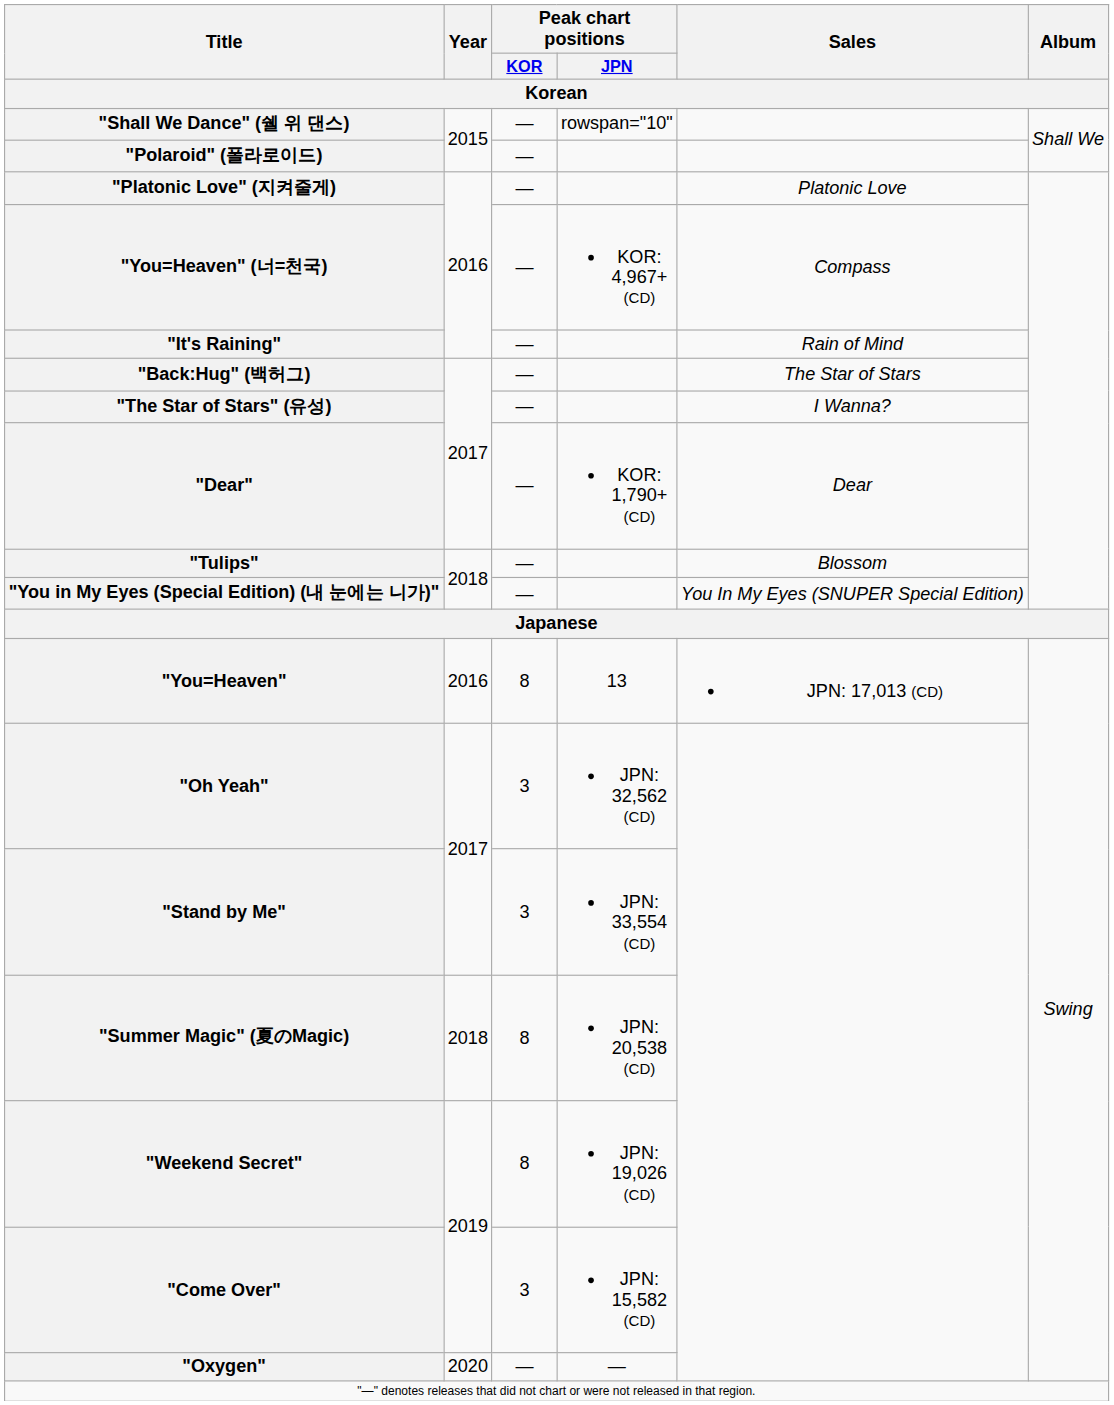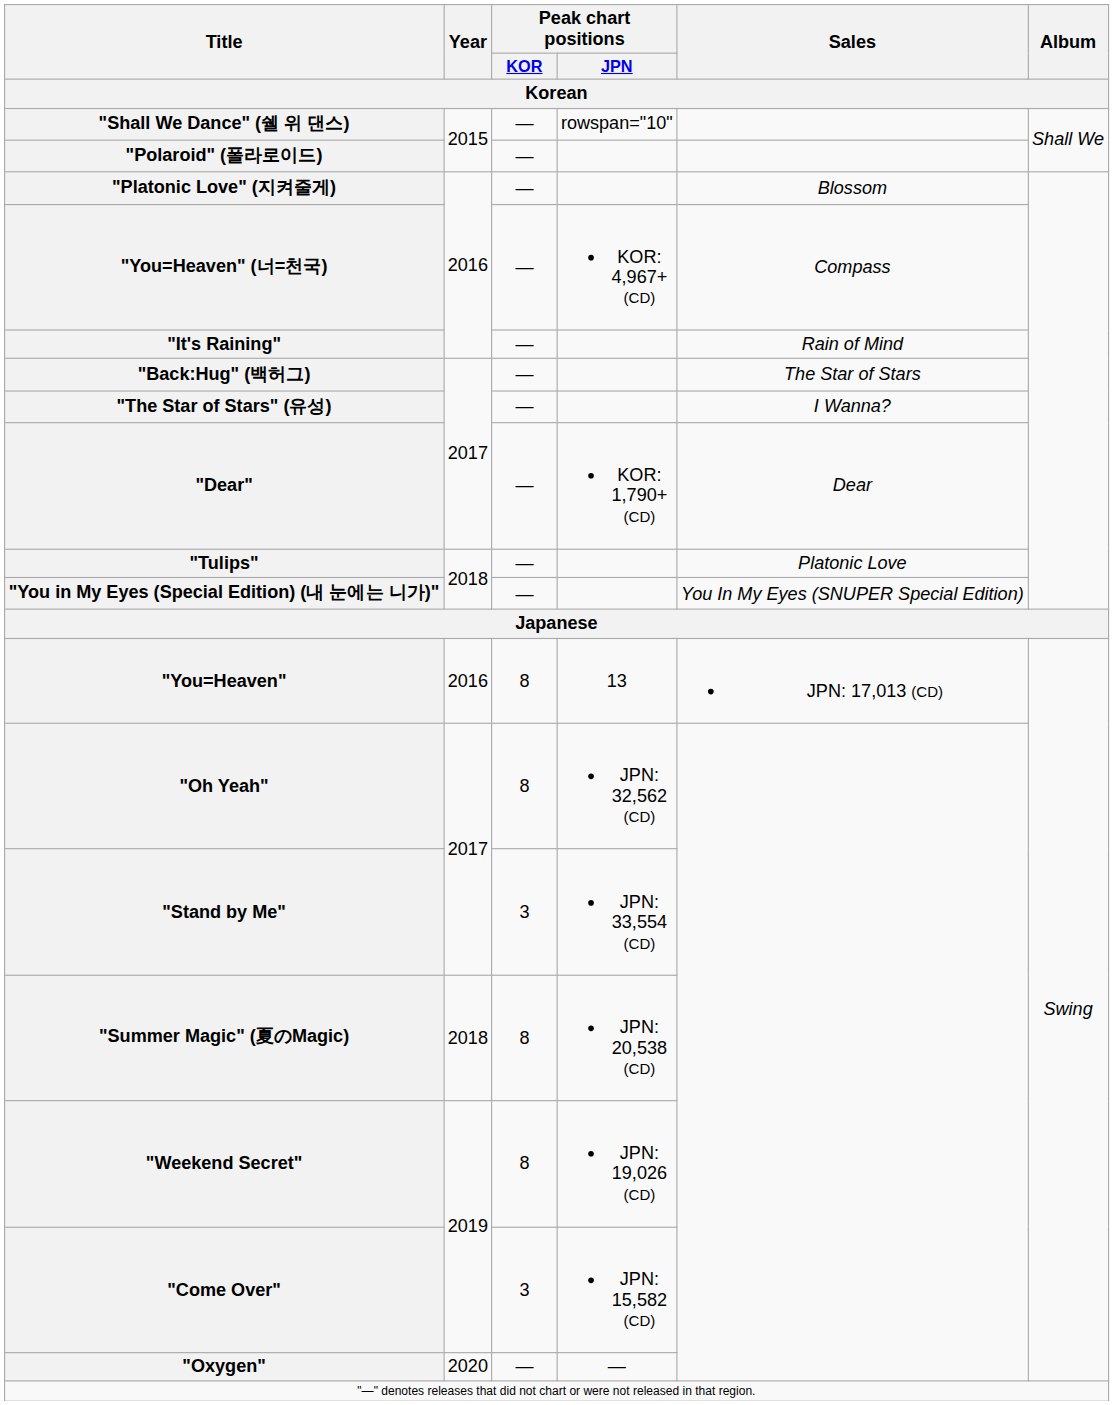 <table class="wikitable plainrowheaders" style="text-align:center;">
 <tr>
 <th scope="col" rowspan="2">Title</th>
 <th scope="col" rowspan="2">Year</th>
 <th scope="col" colspan="2">Peak chart <br> positions</th>
 <th scope="col" rowspan="2">Sales</th>
 <th scope="col" rowspan="2">Album</th>
 </tr>
 <tr>
 <th scope="col" style="width:3.5em;font-size:90%;"><a href='#'>KOR</a><br></th>
 <th scope="col" style="width:3.5em;font-size:90%;"><a href='#'>JPN</a><br></th>
 </tr>
 <tr>
 <th scope="col" colspan="8">Korean</th>
 </tr>
 <tr>
 <th scope="row">"Shall We Dance" (쉘 위 댄스)</th>
 <td rowspan="2">2015</td>
 <td>—</td>
 <td>rowspan="10" </td>
 <td></td>
 <td rowspan="2"><em>Shall We</em></td>
 </tr>
 <tr>
 <th scope="row">"Polaroid" (폴라로이드)</th>
 <td>—</td>
 <td></td>
 </tr>
 <tr>
 <th scope="row">"Platonic Love" (지켜줄게)</th>
 <td rowspan="3">2016</td>
 <td>—</td>
 <td></td>
-<td><em>Platonic Love</em></td>
+<td><em>Blossom</em></td>
 </tr>
 <tr>
 <th scope="row">"You=Heaven" (너=천국)</th>
 <td>—</td>
 <td><br><ul><li>KOR: 4,967+ <small>(CD)</small></li></ul></td>
 <td><em>Compass</em></td>
 </tr>
 <tr>
 <th scope="row">"It's Raining"</th>
 <td>—</td>
 <td></td>
 <td><em>Rain of Mind</em></td>
 </tr>
 <tr>
 <th scope="row">"Back:Hug" (백허그)</th>
 <td rowspan="3">2017</td>
 <td>—</td>
 <td></td>
 <td><em>The Star of Stars</em></td>
 </tr>
 <tr>
 <th scope="row">"The Star of Stars" (유성)</th>
 <td>—</td>
 <td></td>
 <td><em>I Wanna?</em></td>
 </tr>
 <tr>
 <th scope="row">"Dear"</th>
 <td>—</td>
 <td><br><ul><li>KOR: 1,790+ <small>(CD)</small></li></ul></td>
 <td><em>Dear</em></td>
 </tr>
 <tr>
 <th scope="row">"Tulips"</th>
 <td rowspan="2">2018</td>
 <td>—</td>
 <td></td>
-<td><em>Blossom</em></td>
+<td><em>Platonic Love</em></td>
 </tr>
 <tr>
 <th scope="row">"You in My Eyes (Special Edition) (내 눈에는 니가)"</th>
 <td>—</td>
 <td></td>
 <td><em>You In My Eyes (SNUPER Special Edition)</em></td>
 </tr>
 <tr>
 <th scope="col" colspan="6">Japanese</th>
 </tr>
 <tr>
 <th scope="row">"You=Heaven"</th>
 <td>2016</td>
 <td>8</td>
 <td>13</td>
 <td><br><ul><li>JPN: 17,013 <small>(CD)</small></li></ul></td>
 <td rowspan="7"><em>Swing</em></td>
 </tr>
 <tr>
 <th scope="row">"Oh Yeah"</th>
 <td rowspan="2">2017</td>
-<td>3</td>
+<td>8</td>
 <td><br><ul><li>JPN: 32,562 <small>(CD)</small></li></ul></td>
 </tr>
 <tr>
 <th scope="row">"Stand by Me"</th>
 <td>3</td>
 <td><br><ul><li>JPN: 33,554 <small>(CD)</small></li></ul></td>
 </tr>
 <tr>
 <th scope="row">"Summer Magic" (夏のMagic)</th>
 <td>2018</td>
 <td>8</td>
 <td><br><ul><li>JPN: 20,538 <small>(CD)</small></li></ul></td>
 </tr>
 <tr>
 <th scope="row">"Weekend Secret"</th>
 <td rowspan="2">2019</td>
 <td>8</td>
 <td><br><ul><li>JPN: 19,026 <small>(CD)</small></li></ul></td>
 </tr>
 <tr>
 <th scope="row">"Come Over"</th>
 <td>3</td>
 <td><br><ul><li>JPN: 15,582 <small>(CD)</small></li></ul></td>
 </tr>
 <tr>
 <th scope="row">"Oxygen"</th>
 <td>2020</td>
 <td>—</td>
 <td>—</td>
 </tr>
 <tr>
 <td colspan="6" style="font-size:8pt;">"—" denotes releases that did not chart or were not released in that region.</td>
 </tr>
 </table>
